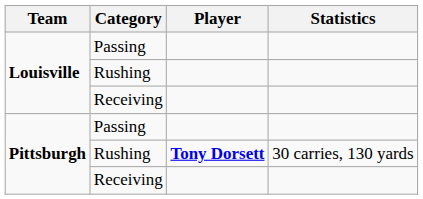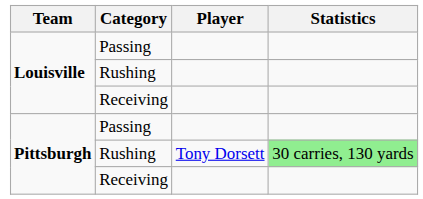 <table class="wikitable" style="float: right;">
 <tr>
 <th>Team</th>
 <th>Category</th>
 <th>Player</th>
 <th>Statistics</th>
 </tr>
 <tr>
 <td rowspan=3><strong>Louisville</strong></td>
 <td>Passing</td>
 <td></td>
 <td></td>
 </tr>
 <tr>
 <td>Rushing</td>
 <td></td>
 <td></td>
 </tr>
 <tr>
 <td>Receiving</td>
 <td></td>
 <td></td>
 </tr>
 <tr>
 <td rowspan=3><strong>Pittsburgh</strong></td>
 <td>Passing</td>
 <td></td>
 <td></td>
 </tr>
 <tr>
 <td>Rushing</td>
-<td><strong><a href='#'>Tony Dorsett</a></strong></td>
-<td>30 carries, 130 yards</td>
+<td><a href='#'>Tony Dorsett</a></td>
+<td style="background: lightgreen;">30 carries, 130 yards</td>
 </tr>
 <tr>
 <td>Receiving</td>
 <td></td>
 <td></td>
 </tr>
 </table>
